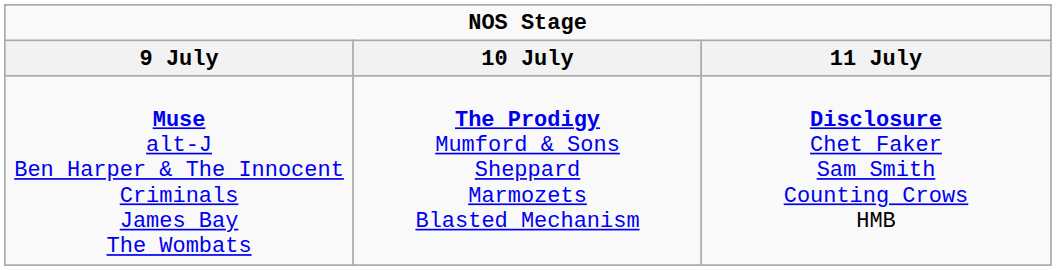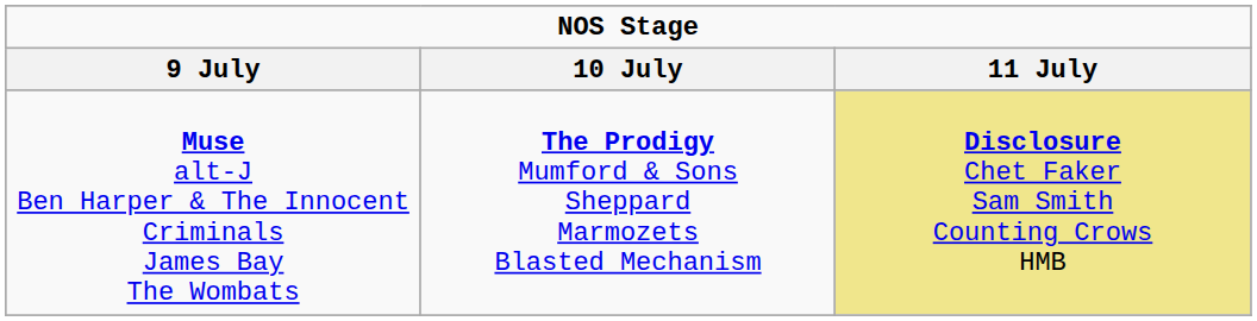 <table class="wikitable">
 <tr>
 <td align="center" colspan="3"><strong>NOS Stage</strong></td>
 </tr>
 <tr>
 <th>9 July</th>
 <th>10 July</th>
 <th>11 July</th>
 </tr>
 <tr>
 <td width="200" align="center" valign="top"><br><strong><a href='#'>Muse</a></strong><br><a href='#'>alt-J</a><br><a href='#'>Ben Harper & The Innocent Criminals</a><br><a href='#'>James Bay</a><br><a href='#'>The Wombats</a></td>
 <td width="200" align="center" valign="top"><br><strong><a href='#'>The Prodigy</a></strong><br><a href='#'>Mumford & Sons</a><br><a href='#'>Sheppard</a><br><a href='#'>Marmozets</a><br><a href='#'>Blasted Mechanism</a></td>
-<td width="200" align="center" valign="top"><br><strong><a href='#'>Disclosure</a></strong><br><a href='#'>Chet Faker</a><br><a href='#'>Sam Smith</a><br><a href='#'>Counting Crows</a><br>HMB</td>
+<td width="200" align="center" valign="top" style="background: khaki;"><br><strong><a href='#'>Disclosure</a></strong><br><a href='#'>Chet Faker</a><br><a href='#'>Sam Smith</a><br><a href='#'>Counting Crows</a><br>HMB</td>
 </tr>
 </table>
